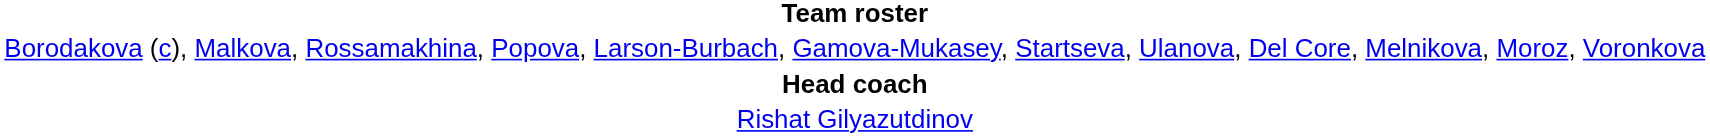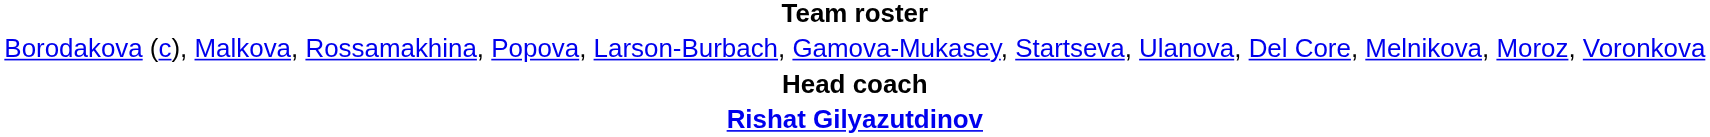 <table style="text-align: center; margin-top: 2em; margin-left: auto; margin-right: auto">
 <tr>
 <td><strong>Team roster</strong></td>
 </tr>
 <tr>
 <td><a href='#'>Borodakova</a> (<a href='#'>c</a>), <a href='#'>Malkova</a>, <a href='#'>Rossamakhina</a>, <a href='#'>Popova</a>, <a href='#'>Larson-Burbach</a>, <a href='#'>Gamova-Mukasey</a>, <a href='#'>Startseva</a>, <a href='#'>Ulanova</a>, <a href='#'>Del Core</a>, <a href='#'>Melnikova</a>, <a href='#'>Moroz</a>, <a href='#'>Voronkova</a></td>
 </tr>
 <tr>
 <td><strong>Head coach</strong></td>
 </tr>
 <tr>
-<td><a href='#'>Rishat Gilyazutdinov</a></td>
+<td><strong><a href='#'>Rishat Gilyazutdinov</a></strong></td>
 </tr>
 </table>
